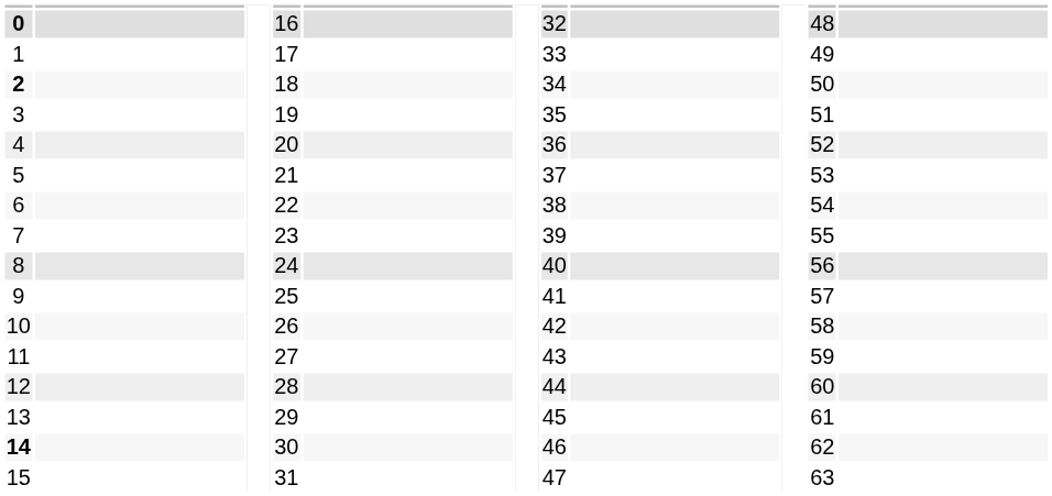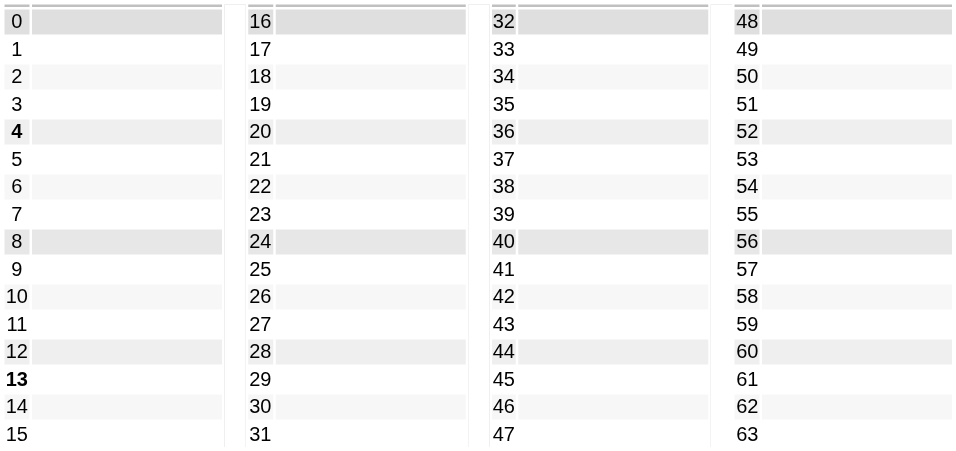 <table class="mw-collapsible" style="text-align:center">
 <tr style="background:#c0c0c0;" |>
 <th></th>
 <th style="width:150px;"></th>
 <td rowspan="17" style="background:white; width:15px;"></td>
 <th></th>
 <th style="width:150px;"></th>
 <td rowspan="17" style="background:white; width:15px;"></td>
 <th></th>
 <th style="width:150px;"></th>
 <td rowspan="17" style="background:white; width:15px;"></td>
 <th></th>
 <th style="width:150px;"></th>
 </tr>
 <tr style="background:#dfdfdf;" |>
-<td><strong>0</strong></td>
+<td>0</td>
 <td align="right"><a href='#'></a></td>
 <td>16</td>
 <td align="right"><a href='#'></a></td>
 <td>32</td>
 <td align="right"><a href='#'></a></td>
 <td>48</td>
 <td align="right"></td>
 </tr>
 <tr style="background:white;" |>
 <td>1</td>
 <td align="right"><a href='#'></a></td>
 <td>17</td>
 <td align="right"></td>
 <td>33</td>
 <td align="right"></td>
 <td>49</td>
 <td align="right"></td>
 </tr>
 <tr style="background:#f7f7f7;" |>
-<td><strong>2</strong></td>
+<td>2</td>
 <td align="right"><a href='#'></a></td>
 <td>18</td>
 <td align="right"></td>
 <td>34</td>
 <td align="right"></td>
 <td>50</td>
 <td align="right"></td>
 </tr>
 <tr style="background:white;" |>
 <td>3</td>
 <td align="right"><a href='#'></a></td>
 <td>19</td>
 <td align="right"></td>
 <td>35</td>
 <td align="right"></td>
 <td>51</td>
 <td align="right"></td>
 </tr>
 <tr style="background:#efefef;" |>
-<td>4</td>
+<td><strong>4</strong></td>
 <td align="right"><a href='#'></a></td>
 <td>20</td>
 <td align="right"></td>
 <td>36</td>
 <td align="right"></td>
 <td>52</td>
 <td align="right"></td>
 </tr>
 <tr style="background:white;" |>
 <td>5</td>
 <td align="right"><a href='#'></a></td>
 <td>21</td>
 <td align="right"></td>
 <td>37</td>
 <td align="right"></td>
 <td>53</td>
 <td align="right"></td>
 </tr>
 <tr style="background:#f7f7f7;" |>
 <td>6</td>
 <td align="right"><a href='#'></a></td>
 <td>22</td>
 <td align="right"></td>
 <td>38</td>
 <td align="right"></td>
 <td>54</td>
 <td align="right"></td>
 </tr>
 <tr style="background:white;" |>
 <td>7</td>
 <td align="right"><a href='#'></a></td>
 <td>23</td>
 <td align="right"></td>
 <td>39</td>
 <td align="right"></td>
 <td>55</td>
 <td align="right"></td>
 </tr>
 <tr style="background:#e7e7e7;" |>
 <td>8</td>
 <td align="right"><a href='#'></a></td>
 <td>24</td>
 <td align="right"></td>
 <td>40</td>
 <td align="right"></td>
 <td>56</td>
 <td align="right"></td>
 </tr>
 <tr style="background:white;" |>
 <td>9</td>
 <td align="right"><a href='#'></a></td>
 <td>25</td>
 <td align="right"></td>
 <td>41</td>
 <td align="right"></td>
 <td>57</td>
 <td align="right"></td>
 </tr>
 <tr style="background:#f7f7f7;" |>
 <td>10</td>
 <td align="right"><a href='#'></a></td>
 <td>26</td>
 <td align="right"></td>
 <td>42</td>
 <td align="right"></td>
 <td>58</td>
 <td align="right"></td>
 </tr>
 <tr style="background:white;" |>
 <td>11</td>
 <td align="right"><a href='#'></a></td>
 <td>27</td>
 <td align="right"></td>
 <td>43</td>
 <td align="right"></td>
 <td>59</td>
 <td align="right"></td>
 </tr>
 <tr style="background:#efefef;" |>
 <td>12</td>
 <td align="right"><a href='#'></a></td>
 <td>28</td>
 <td align="right"></td>
 <td>44</td>
 <td align="right"></td>
 <td>60</td>
 <td align="right"></td>
 </tr>
 <tr style="background:white;" |>
-<td>13</td>
+<td><strong>13</strong></td>
 <td align="right"><a href='#'></a></td>
 <td>29</td>
 <td align="right"></td>
 <td>45</td>
 <td align="right"></td>
 <td>61</td>
 <td align="right"></td>
 </tr>
 <tr style="background:#f7f7f7;" |>
-<td><strong>14</strong></td>
+<td>14</td>
 <td align="right"><a href='#'></a></td>
 <td>30</td>
 <td align="right"></td>
 <td>46</td>
 <td align="right"></td>
 <td>62</td>
 <td align="right"></td>
 </tr>
 <tr style="background:white;" |>
 <td>15</td>
 <td align="right"><a href='#'></a></td>
 <td>31</td>
 <td align="right"></td>
 <td>47</td>
 <td align="right"></td>
 <td>63</td>
 <td align="right"></td>
 </tr>
 </table>
